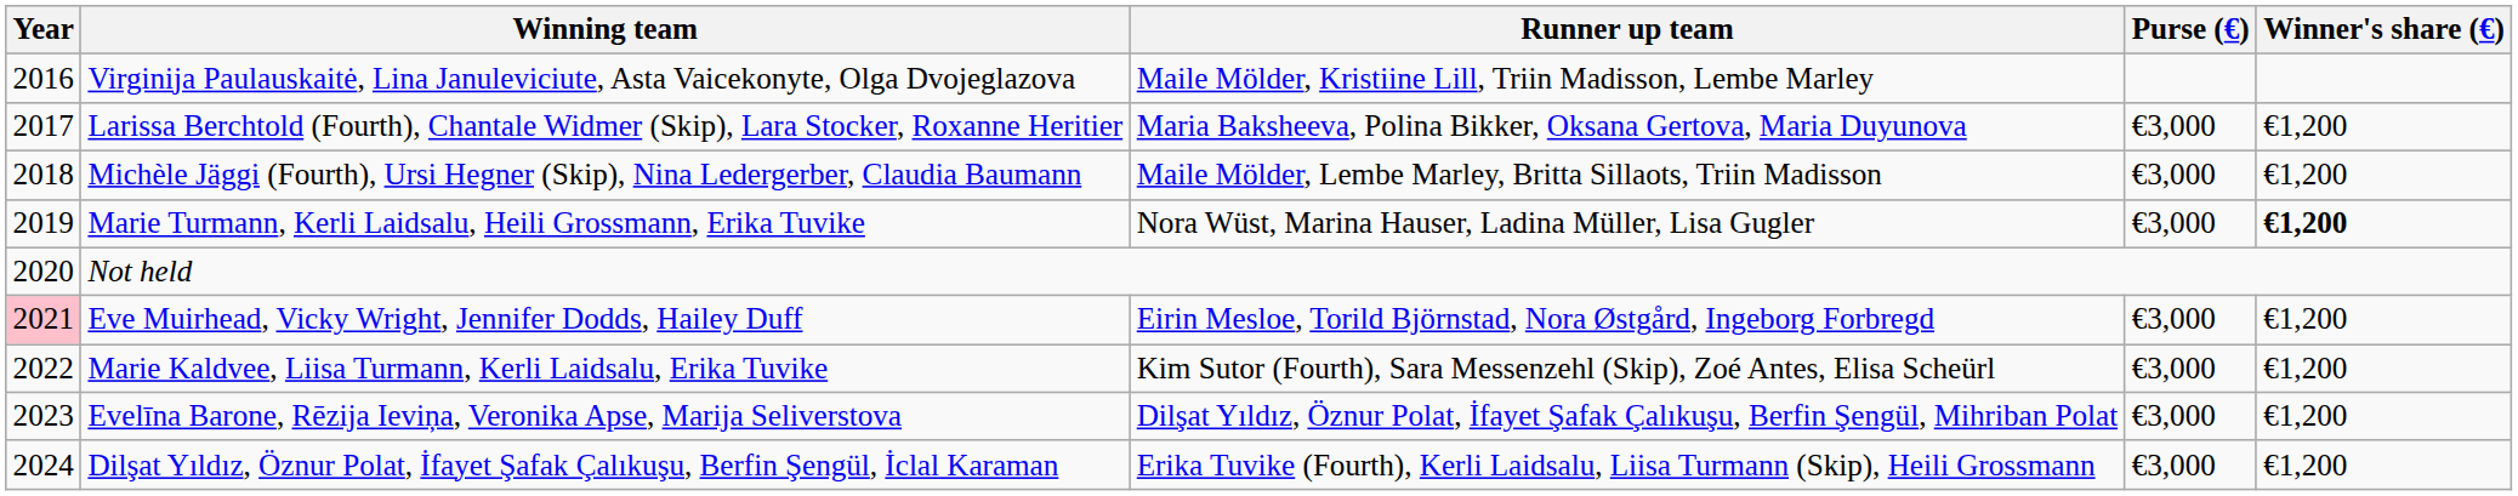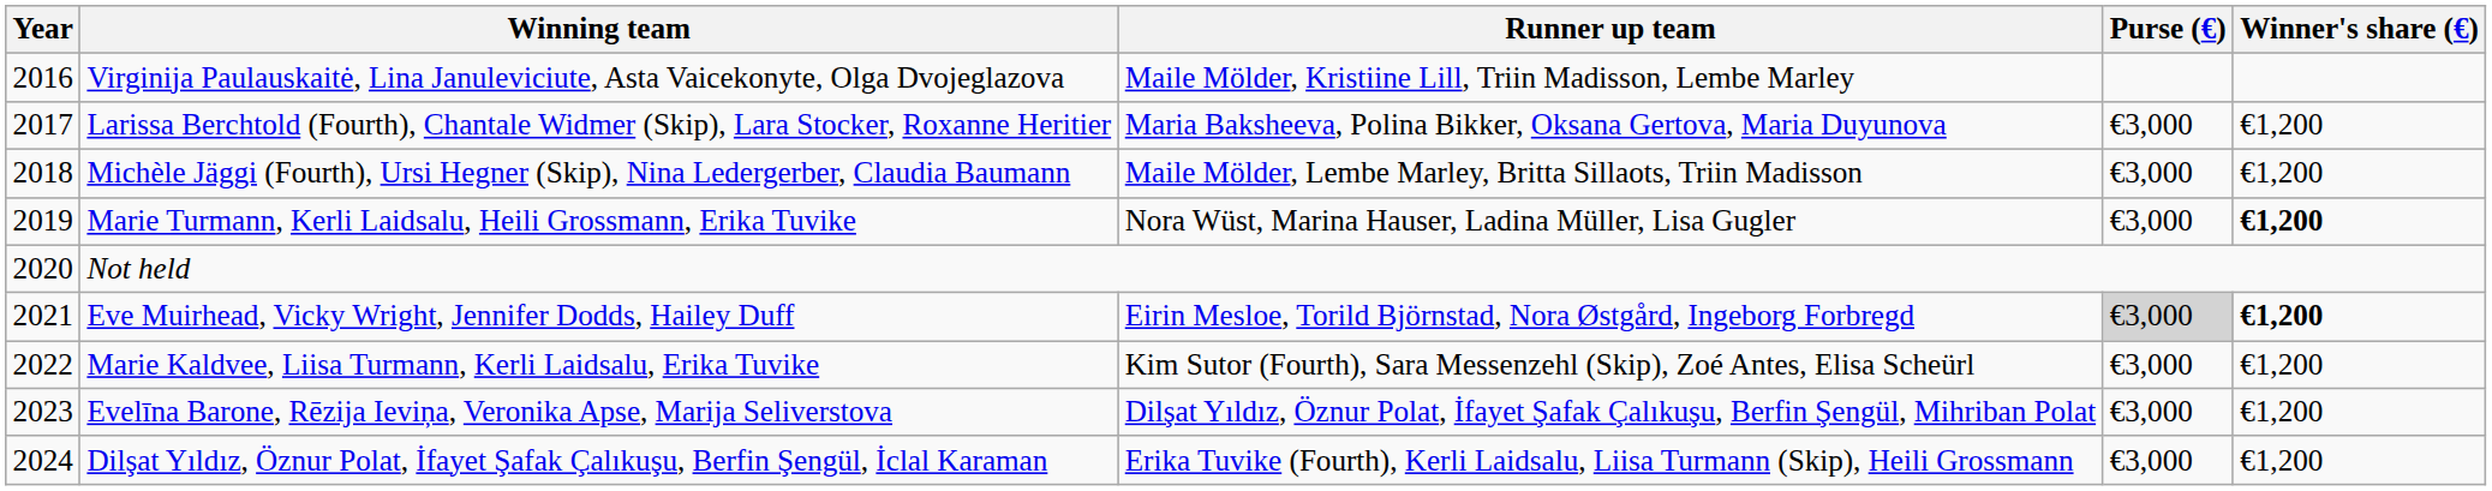 <table class="wikitable">
 <tr>
 <th scope="col">Year</th>
 <th scope="col">Winning team</th>
 <th scope="col">Runner up team</th>
 <th scope="col">Purse (<a href='#'>€</a>)</th>
 <th scope="col">Winner's share (<a href='#'>€</a>)</th>
 </tr>
 <tr>
 <td>2016</td>
 <td> <a href='#'>Virginija Paulauskaitė</a>, <a href='#'>Lina Januleviciute</a>, Asta Vaicekonyte, Olga Dvojeglazova</td>
 <td> <a href='#'>Maile Mölder</a>, <a href='#'>Kristiine Lill</a>, Triin Madisson, Lembe Marley</td>
 <td></td>
 </tr>
 <tr>
 <td>2017</td>
 <td> <a href='#'>Larissa Berchtold</a> (Fourth), <a href='#'>Chantale Widmer</a> (Skip), <a href='#'>Lara Stocker</a>, <a href='#'>Roxanne Heritier</a></td>
 <td> <a href='#'>Maria Baksheeva</a>, Polina Bikker, <a href='#'>Oksana Gertova</a>, <a href='#'>Maria Duyunova</a></td>
 <td>€3,000</td>
 <td>€1,200</td>
 </tr>
 <tr>
 <td>2018</td>
 <td> <a href='#'>Michèle Jäggi</a> (Fourth), <a href='#'>Ursi Hegner</a> (Skip), <a href='#'>Nina Ledergerber</a>, <a href='#'>Claudia Baumann</a></td>
 <td> <a href='#'>Maile Mölder</a>, Lembe Marley, Britta Sillaots, Triin Madisson</td>
 <td>€3,000</td>
 <td>€1,200</td>
 </tr>
 <tr>
 <td>2019</td>
 <td> <a href='#'>Marie Turmann</a>, <a href='#'>Kerli Laidsalu</a>, <a href='#'>Heili Grossmann</a>, <a href='#'>Erika Tuvike</a></td>
 <td> Nora Wüst, Marina Hauser, Ladina Müller, Lisa Gugler</td>
 <td>€3,000</td>
 <td><strong>€1,200</strong></td>
 </tr>
 <tr>
 <td>2020</td>
 <td colspan="4"><em>Not held</em></td>
 </tr>
 <tr>
-<td style="background: pink;">2021</td>
+<td>2021</td>
 <td> <a href='#'>Eve Muirhead</a>, <a href='#'>Vicky Wright</a>, <a href='#'>Jennifer Dodds</a>, <a href='#'>Hailey Duff</a></td>
 <td> <a href='#'>Eirin Mesloe</a>, <a href='#'>Torild Björnstad</a>, <a href='#'>Nora Østgård</a>, <a href='#'>Ingeborg Forbregd</a></td>
-<td>€3,000</td>
-<td>€1,200</td>
+<td style="background: lightgrey;">€3,000</td>
+<td><strong>€1,200</strong></td>
 </tr>
 <tr>
 <td>2022</td>
 <td> <a href='#'>Marie Kaldvee</a>, <a href='#'>Liisa Turmann</a>, <a href='#'>Kerli Laidsalu</a>, <a href='#'>Erika Tuvike</a></td>
 <td> Kim Sutor (Fourth), Sara Messenzehl (Skip), Zoé Antes, Elisa Scheürl</td>
 <td>€3,000</td>
 <td>€1,200</td>
 </tr>
 <tr>
 <td>2023</td>
 <td> <a href='#'>Evelīna Barone</a>, <a href='#'>Rēzija Ieviņa</a>, <a href='#'>Veronika Apse</a>, <a href='#'>Marija Seliverstova</a></td>
 <td> <a href='#'>Dilşat Yıldız</a>, <a href='#'>Öznur Polat</a>, <a href='#'>İfayet Şafak Çalıkuşu</a>, <a href='#'>Berfin Şengül</a>, <a href='#'>Mihriban Polat</a></td>
 <td>€3,000</td>
 <td>€1,200</td>
 </tr>
 <tr>
 <td>2024</td>
 <td> <a href='#'>Dilşat Yıldız</a>, <a href='#'>Öznur Polat</a>, <a href='#'>İfayet Şafak Çalıkuşu</a>, <a href='#'>Berfin Şengül</a>, <a href='#'>İclal Karaman</a></td>
 <td> <a href='#'>Erika Tuvike</a> (Fourth), <a href='#'>Kerli Laidsalu</a>, <a href='#'>Liisa Turmann</a> (Skip), <a href='#'>Heili Grossmann</a></td>
 <td>€3,000</td>
 <td>€1,200</td>
 </tr>
 </table>
